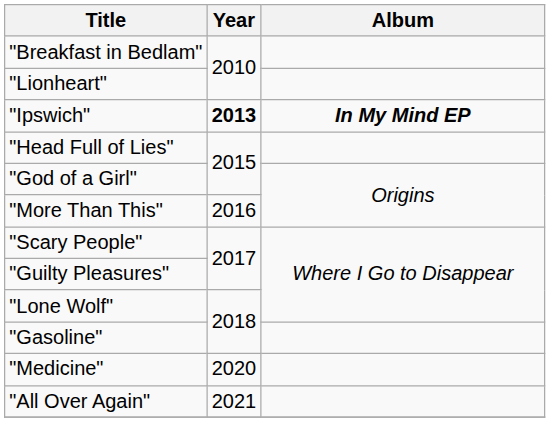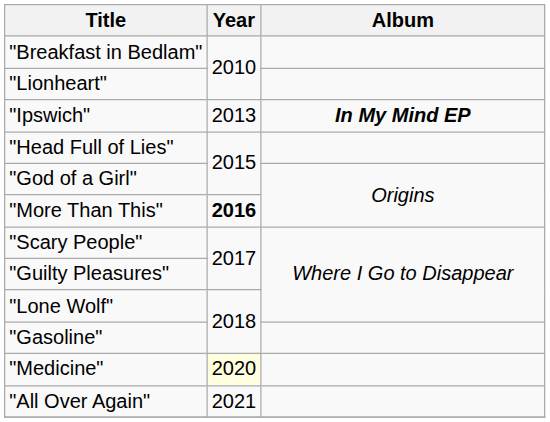 <table class="wikitable" style="text-align:center;">
 <tr>
 <th scope="col">Title</th>
 <th scope="col">Year</th>
 <th scope="col" width="220">Album</th>
 </tr>
 <tr>
 <td align="left">"Breakfast in Bedlam"</td>
 <td rowspan="2">2010</td>
 <td></td>
 </tr>
 <tr>
 <td align="left">"Lionheart"</td>
 <td></td>
 </tr>
 <tr>
 <td align="left">"Ipswich"</td>
-<td><strong>2013</strong></td>
+<td>2013</td>
 <td><strong><em>In My Mind EP</em></strong></td>
 </tr>
 <tr>
 <td align="left">"Head Full of Lies"</td>
 <td rowspan="2">2015</td>
 <td></td>
 </tr>
 <tr>
 <td align="left">"God of a Girl"</td>
 <td rowspan="2"><em>Origins</em></td>
 </tr>
 <tr>
 <td align="left">"More Than This"</td>
-<td>2016</td>
+<td><strong>2016</strong></td>
 </tr>
 <tr>
 <td align="left">"Scary People"</td>
 <td rowspan="2">2017</td>
 <td rowspan="3"><em>Where I Go to Disappear</em></td>
 </tr>
 <tr>
 <td align="left">"Guilty Pleasures"</td>
 </tr>
 <tr>
 <td align="left">"Lone Wolf"</td>
 <td rowspan="2">2018</td>
 </tr>
 <tr>
 <td align="left">"Gasoline"</td>
 <td></td>
 </tr>
 <tr>
 <td align="left">"Medicine"</td>
-<td>2020</td>
+<td style="background: lightyellow;">2020</td>
 <td></td>
 </tr>
 <tr>
 <td align="left">"All Over Again"</td>
 <td>2021</td>
 <td></td>
 </tr>
 <tr>
 </tr>
 </table>
